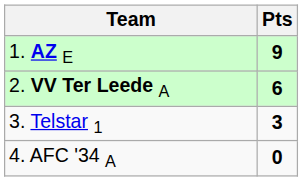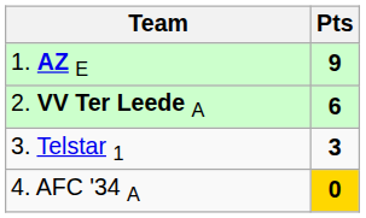 <table class="wikitable" style="text-align:center; float:left; margin-right:1em">
 <tr>
 <th style="width:200px">Team</th>
 <th width=20>Pts</th>
 </tr>
 <tr bgcolor=ccffcc>
 <td align=left>1. <strong><a href='#'>AZ</a></strong> <sub>E</sub></td>
 <td><strong>9</strong></td>
 </tr>
 <tr bgcolor=ccffcc>
 <td align=left>2. <strong>VV Ter Leede</strong> <sub>A</sub></td>
 <td><strong>6</strong></td>
 </tr>
 <tr>
 <td align=left>3. <a href='#'>Telstar</a> <sub>1</sub></td>
 <td><strong>3</strong></td>
 </tr>
 <tr>
 <td align=left>4. AFC '34 <sub>A</sub></td>
-<td><strong>0</strong></td>
+<td style="background: gold;"><strong>0</strong></td>
 </tr>
 </table>
